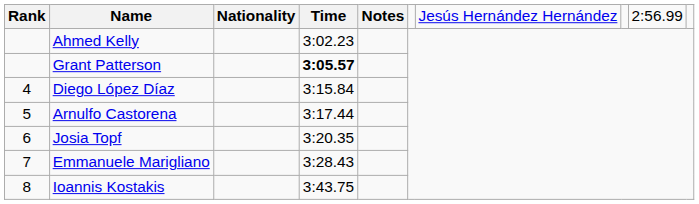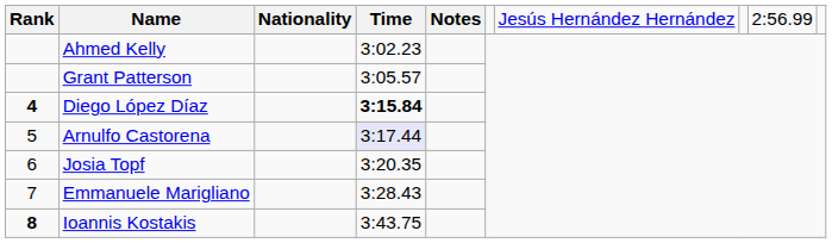 <table class="wikitable sortable" style="text-align:center">
 <tr>
 <th>Rank</th>
 <th>Name</th>
 <th>Nationality</th>
 <th>Time</th>
 <th>Notes</th>
 <td></td>
 <td align="left"><a href='#'>Jesús Hernández Hernández</a></td>
 <td align="left"></td>
 <td>2:56.99</td>
 <td></td>
 </tr>
 <tr>
 <td></td>
 <td align="left"><a href='#'>Ahmed Kelly</a></td>
 <td align="left"></td>
 <td>3:02.23</td>
 <td></td>
 </tr>
 <tr>
 <td></td>
 <td align="left"><a href='#'>Grant Patterson</a></td>
 <td align="left"></td>
-<td><strong>3:05.57</strong></td>
+<td>3:05.57</td>
 <td></td>
 </tr>
 <tr>
-<td>4</td>
+<td><strong>4</strong></td>
 <td align="left"><a href='#'>Diego López Díaz</a></td>
 <td align="left"></td>
-<td>3:15.84</td>
+<td><strong>3:15.84</strong></td>
 <td></td>
 </tr>
 <tr>
 <td>5</td>
 <td align="left"><a href='#'>Arnulfo Castorena</a></td>
 <td align="left"></td>
-<td>3:17.44</td>
+<td style="background: lavender;">3:17.44</td>
 <td></td>
 </tr>
 <tr>
 <td>6</td>
 <td align="left"><a href='#'>Josia Topf</a></td>
 <td align="left"></td>
 <td>3:20.35</td>
 <td></td>
 </tr>
 <tr>
 <td>7</td>
 <td align="left"><a href='#'>Emmanuele Marigliano</a></td>
 <td align="left"></td>
 <td>3:28.43</td>
 <td></td>
 </tr>
 <tr>
-<td>8</td>
+<td><strong>8</strong></td>
 <td align="left"><a href='#'>Ioannis Kostakis</a></td>
 <td align="left"></td>
 <td>3:43.75</td>
 <td></td>
 </tr>
 </table>
